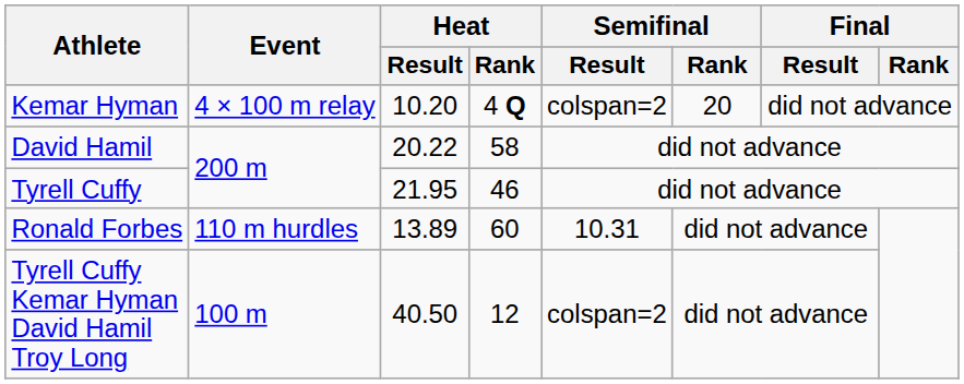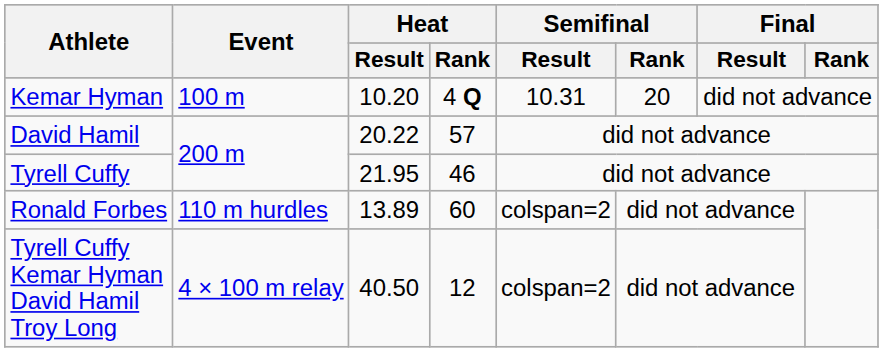 <table class="wikitable" style="font-size:90%">
 <tr>
 <th rowspan=2>Athlete</th>
 <th rowspan=2>Event</th>
 <th colspan=2>Heat</th>
 <th colspan=2>Semifinal</th>
 <th colspan=2>Final</th>
 </tr>
 <tr style="font-size:95%">
 <th>Result</th>
 <th>Rank</th>
 <th>Result</th>
 <th>Rank</th>
 <th>Result</th>
 <th>Rank</th>
 </tr>
 <tr align=center>
 <td align=left><a href='#'>Kemar Hyman</a></td>
-<td align=left><a href='#'>4 × 100 m relay</a></td>
+<td align=left><a href='#'>100 m</a></td>
 <td>10.20</td>
 <td>4 <strong>Q</strong></td>
-<td>colspan=2 </td>
+<td>10.31</td>
 <td>20</td>
 <td colspan=2>did not advance</td>
 </tr>
 <tr align=center>
 <td align=left><a href='#'>David Hamil</a></td>
 <td align=left rowspan=2><a href='#'>200 m</a></td>
 <td>20.22</td>
-<td>58</td>
+<td>57</td>
 <td colspan=4>did not advance</td>
 </tr>
 <tr align=center>
 <td align=left><a href='#'>Tyrell Cuffy</a></td>
 <td>21.95</td>
 <td>46</td>
 <td colspan=4>did not advance</td>
 </tr>
 <tr align=center>
 <td align=left><a href='#'>Ronald Forbes</a></td>
 <td align=left><a href='#'>110 m hurdles</a></td>
 <td>13.89</td>
 <td>60</td>
-<td>10.31</td>
+<td>colspan=2 </td>
 <td colspan=2>did not advance</td>
 </tr>
 <tr align=center>
 <td align=left><a href='#'>Tyrell Cuffy</a><br><a href='#'>Kemar Hyman</a><br><a href='#'>David Hamil</a><br><a href='#'>Troy Long</a></td>
-<td align=left><a href='#'>100 m</a></td>
+<td align=left><a href='#'>4 × 100 m relay</a></td>
 <td>40.50</td>
 <td>12</td>
 <td>colspan=2 </td>
 <td colspan=2>did not advance</td>
 </tr>
 </table>
